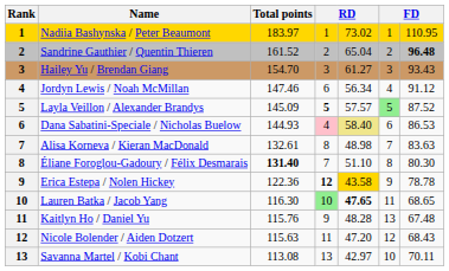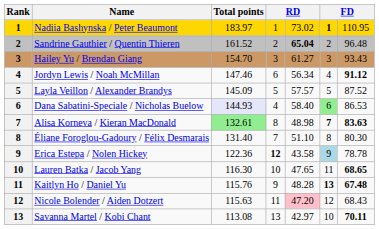 <table class="wikitable sortable">
 <tr>
 <th>Rank</th>
 <th>Name</th>
 <th>Total points</th>
 <th colspan="2" width="80px"><a href='#'>RD</a></th>
 <th colspan="2" width="80px"><a href='#'>FD</a></th>
 </tr>
 <tr bgcolor="gold">
 <td align="center"><strong>1</strong></td>
 <td><a href='#'>Nadiia Bashynska</a> / <a href='#'>Peter Beaumont</a></td>
 <td align="center">183.97</td>
 <td align="center">1</td>
 <td align="center">73.02</td>
-<td align="center">1</td>
+<td align="center"><strong>1</strong></td>
 <td align="center">110.95</td>
 </tr>
 <tr bgcolor="silver">
 <td align="center"><strong>2</strong></td>
 <td><a href='#'>Sandrine Gauthier</a> / <a href='#'>Quentin Thieren</a></td>
 <td align="center">161.52</td>
 <td align="center">2</td>
-<td align="center">65.04</td>
+<td align="center"><strong>65.04</strong></td>
 <td align="center">2</td>
-<td align="center"><strong>96.48</strong></td>
+<td align="center">96.48</td>
 </tr>
 <tr bgcolor="cc9966">
 <td align="center"><strong>3</strong></td>
 <td><a href='#'>Hailey Yu</a> / <a href='#'>Brendan Giang</a></td>
 <td align="center">154.70</td>
 <td align="center">3</td>
 <td align="center">61.27</td>
 <td align="center">3</td>
 <td align="center">93.43</td>
 </tr>
 <tr>
 <th>4</th>
 <td><a href='#'>Jordyn Lewis</a> / <a href='#'>Noah McMillan</a></td>
 <td align="center">147.46</td>
 <td align="center">6</td>
 <td align="center">56.34</td>
 <td align="center">4</td>
-<td align="center">91.12</td>
+<td align="center"><strong>91.12</strong></td>
 </tr>
 <tr>
 <th>5</th>
 <td><a href='#'>Layla Veillon</a> / <a href='#'>Alexander Brandys</a></td>
 <td align="center">145.09</td>
-<td align="center"><strong>5</strong></td>
+<td align="center">5</td>
 <td align="center">57.57</td>
-<td align="center" style="background: lightgreen;">5</td>
+<td align="center">5</td>
 <td align="center">87.52</td>
 </tr>
 <tr>
 <th>6</th>
 <td><a href='#'>Dana Sabatini-Speciale</a> / <a href='#'>Nicholas Buelow</a></td>
-<td align="center">144.93</td>
-<td align="center" style="background: pink;">4</td>
-<td align="center" style="background: khaki;">58.40</td>
-<td align="center">6</td>
+<td align="center" style="background: lavender;">144.93</td>
+<td align="center">4</td>
+<td align="center">58.40</td>
+<td align="center" style="background: lightgreen;">6</td>
 <td align="center">86.53</td>
 </tr>
 <tr>
 <th>7</th>
 <td><a href='#'>Alisa Korneva</a> / <a href='#'>Kieran MacDonald</a></td>
-<td align="center">132.61</td>
+<td align="center" style="background: lightgreen;">132.61</td>
 <td align="center">8</td>
 <td align="center">48.98</td>
-<td align="center">7</td>
-<td align="center">83.63</td>
+<td align="center"><strong>7</strong></td>
+<td align="center"><strong>83.63</strong></td>
 </tr>
 <tr>
 <th>8</th>
 <td><a href='#'>Éliane Foroglou-Gadoury</a> / <a href='#'>Félix Desmarais</a></td>
-<td align="center"><strong>131.40</strong></td>
+<td align="center">131.40</td>
 <td align="center">7</td>
 <td align="center">51.10</td>
 <td align="center">8</td>
 <td align="center">80.30</td>
 </tr>
 <tr>
 <th>9</th>
 <td><a href='#'>Erica Estepa</a> / <a href='#'>Nolen Hickey</a></td>
 <td align="center">122.36</td>
 <td align="center"><strong>12</strong></td>
-<td align="center" style="background: gold;">43.58</td>
-<td align="center">9</td>
+<td align="center">43.58</td>
+<td align="center" style="background: lightblue;">9</td>
 <td align="center">78.78</td>
 </tr>
 <tr>
 <th>10</th>
 <td><a href='#'>Lauren Batka</a> / <a href='#'>Jacob Yang</a></td>
 <td align="center">116.30</td>
-<td align="center" style="background: lightgreen;">10</td>
-<td align="center"><strong>47.65</strong></td>
+<td align="center">10</td>
+<td align="center">47.65</td>
 <td align="center">11</td>
-<td align="center">68.65</td>
+<td align="center"><strong>68.65</strong></td>
 </tr>
 <tr>
 <th>11</th>
 <td><a href='#'>Kaitlyn Ho</a> / <a href='#'>Daniel Yu</a></td>
 <td align="center">115.76</td>
 <td align="center">9</td>
 <td align="center">48.28</td>
-<td align="center">13</td>
-<td align="center">67.48</td>
+<td align="center"><strong>13</strong></td>
+<td align="center"><strong>67.48</strong></td>
 </tr>
 <tr>
 <th>12</th>
 <td><a href='#'>Nicole Bolender</a> / <a href='#'>Aiden Dotzert</a></td>
 <td align="center">115.63</td>
 <td align="center">11</td>
-<td align="center">47.20</td>
+<td align="center" style="background: pink;">47.20</td>
 <td align="center">12</td>
 <td align="center">68.43</td>
 </tr>
 <tr>
 <th>13</th>
 <td><a href='#'>Savanna Martel</a> / <a href='#'>Kobi Chant</a></td>
 <td align="center">113.08</td>
 <td align="center">13</td>
 <td align="center">42.97</td>
 <td align="center">10</td>
-<td align="center">70.11</td>
+<td align="center"><strong>70.11</strong></td>
 </tr>
 </table>
